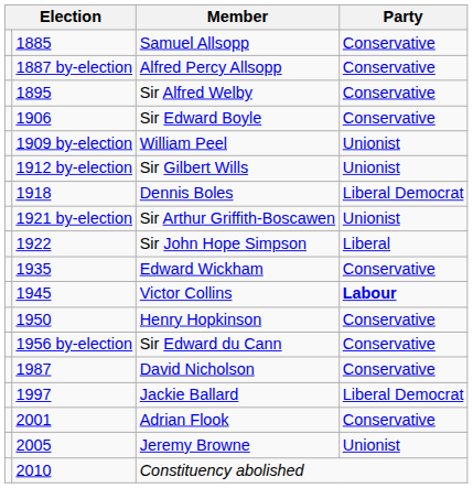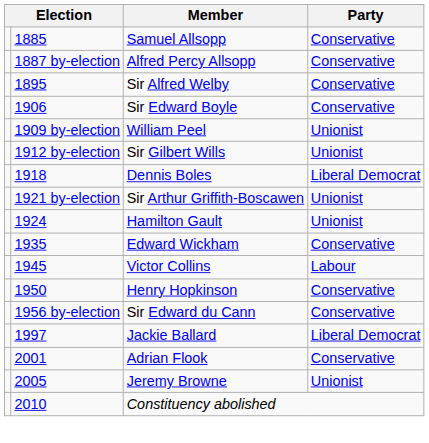 <table class="wikitable">
 <tr>
 <th colspan="2">Election</th>
 <th>Member</th>
 <th>Party</th>
 </tr>
 <tr>
 <td style="color:inherit;background-color: "></td>
 <td><a href='#'>1885</a></td>
 <td><a href='#'>Samuel Allsopp</a></td>
 <td><a href='#'>Conservative</a></td>
 </tr>
 <tr>
 <td style="color:inherit;background-color: "></td>
 <td><a href='#'>1887 by-election</a></td>
 <td><a href='#'>Alfred Percy Allsopp</a></td>
 <td><a href='#'>Conservative</a></td>
 </tr>
 <tr>
 <td style="color:inherit;background-color: "></td>
 <td><a href='#'>1895</a></td>
 <td>Sir <a href='#'>Alfred Welby</a></td>
 <td><a href='#'>Conservative</a></td>
 </tr>
 <tr>
 <td style="color:inherit;background-color: "></td>
 <td><a href='#'>1906</a></td>
 <td>Sir <a href='#'>Edward Boyle</a></td>
 <td><a href='#'>Conservative</a></td>
 </tr>
 <tr>
 <td style="color:inherit;background-color: "></td>
 <td><a href='#'>1909 by-election</a></td>
 <td><a href='#'>William Peel</a></td>
 <td><a href='#'>Unionist</a></td>
 </tr>
 <tr>
 <td style="color:inherit;background-color: "></td>
 <td><a href='#'>1912 by-election</a></td>
 <td>Sir <a href='#'>Gilbert Wills</a></td>
 <td><a href='#'>Unionist</a></td>
 </tr>
 <tr>
 <td style="color:inherit;background-color: "></td>
 <td><a href='#'>1918</a></td>
 <td><a href='#'>Dennis Boles</a></td>
 <td><a href='#'>Liberal Democrat</a></td>
 </tr>
 <tr>
 <td style="color:inherit;background-color: "></td>
 <td><a href='#'>1921 by-election</a></td>
 <td>Sir <a href='#'>Arthur Griffith-Boscawen</a></td>
 <td><a href='#'>Unionist</a></td>
 </tr>
 <tr>
 <td style="color:inherit;background-color: "></td>
-<td><a href='#'>1922</a></td>
-<td>Sir <a href='#'>John Hope Simpson</a></td>
-<td><a href='#'>Liberal</a></td>
+<td><a href='#'>1924</a></td>
+<td><a href='#'>Hamilton Gault</a></td>
+<td><a href='#'>Unionist</a></td>
 </tr>
 <tr>
 <td style="color:inherit;background-color: "></td>
 <td><a href='#'>1935</a></td>
 <td><a href='#'>Edward Wickham</a></td>
 <td><a href='#'>Conservative</a></td>
 </tr>
 <tr>
 <td style="color:inherit;background-color: "></td>
 <td><a href='#'>1945</a></td>
 <td><a href='#'>Victor Collins</a></td>
-<td><strong><a href='#'>Labour</a></strong></td>
+<td><a href='#'>Labour</a></td>
 </tr>
 <tr>
 <td style="color:inherit;background-color: "></td>
 <td><a href='#'>1950</a></td>
 <td><a href='#'>Henry Hopkinson</a></td>
 <td><a href='#'>Conservative</a></td>
 </tr>
 <tr>
 <td style="color:inherit;background-color: "></td>
 <td><a href='#'>1956 by-election</a></td>
 <td>Sir <a href='#'>Edward du Cann</a></td>
-<td><a href='#'>Conservative</a></td>
-</tr>
-<tr>
-<td style="color:inherit;background-color: "></td>
-<td><a href='#'>1987</a></td>
-<td><a href='#'>David Nicholson</a></td>
 <td><a href='#'>Conservative</a></td>
 </tr>
 <tr>
 <td style="color:inherit;background-color: "></td>
 <td><a href='#'>1997</a></td>
 <td><a href='#'>Jackie Ballard</a></td>
 <td><a href='#'>Liberal Democrat</a></td>
 </tr>
 <tr>
 <td style="color:inherit;background-color: "></td>
 <td><a href='#'>2001</a></td>
 <td><a href='#'>Adrian Flook</a></td>
 <td><a href='#'>Conservative</a></td>
 </tr>
 <tr>
 <td style="color:inherit;background-color: "></td>
 <td><a href='#'>2005</a></td>
 <td><a href='#'>Jeremy Browne</a></td>
 <td><a href='#'>Unionist</a></td>
 </tr>
 <tr>
 <td></td>
 <td><a href='#'>2010</a></td>
 <td colspan="2"><em>Constituency abolished</em></td>
 </tr>
 </table>
